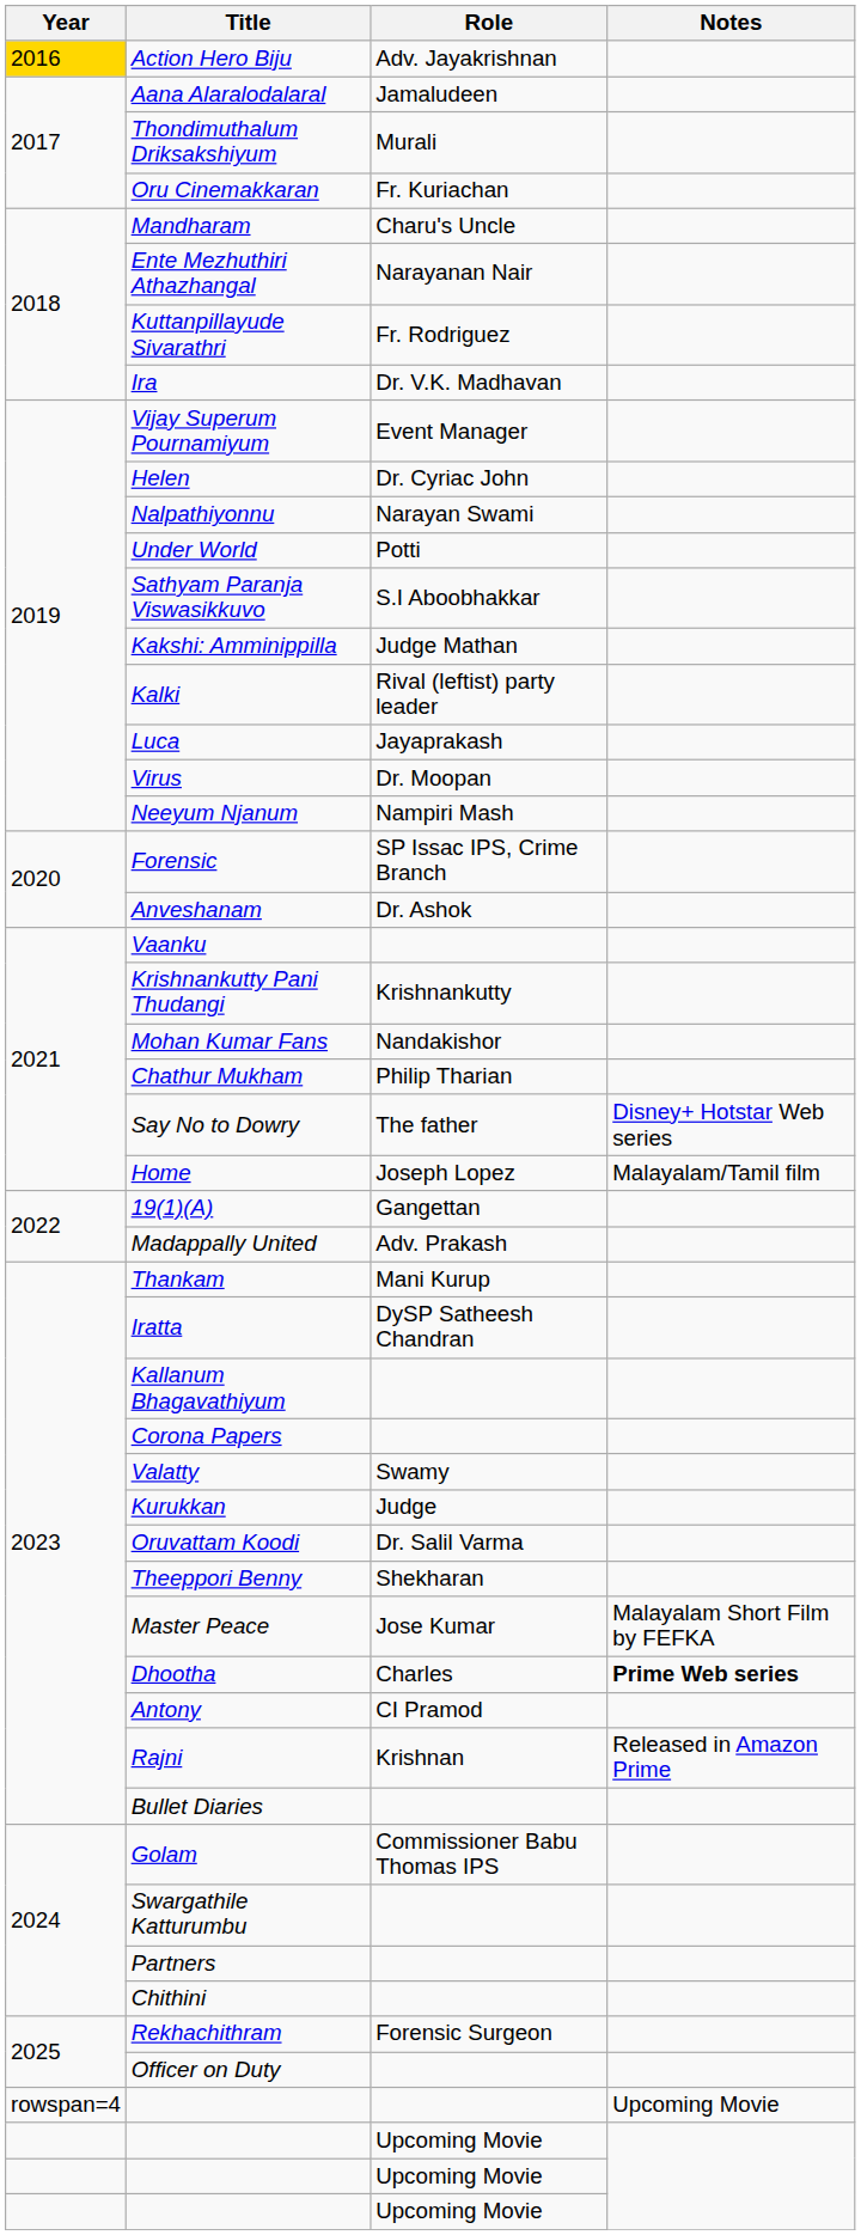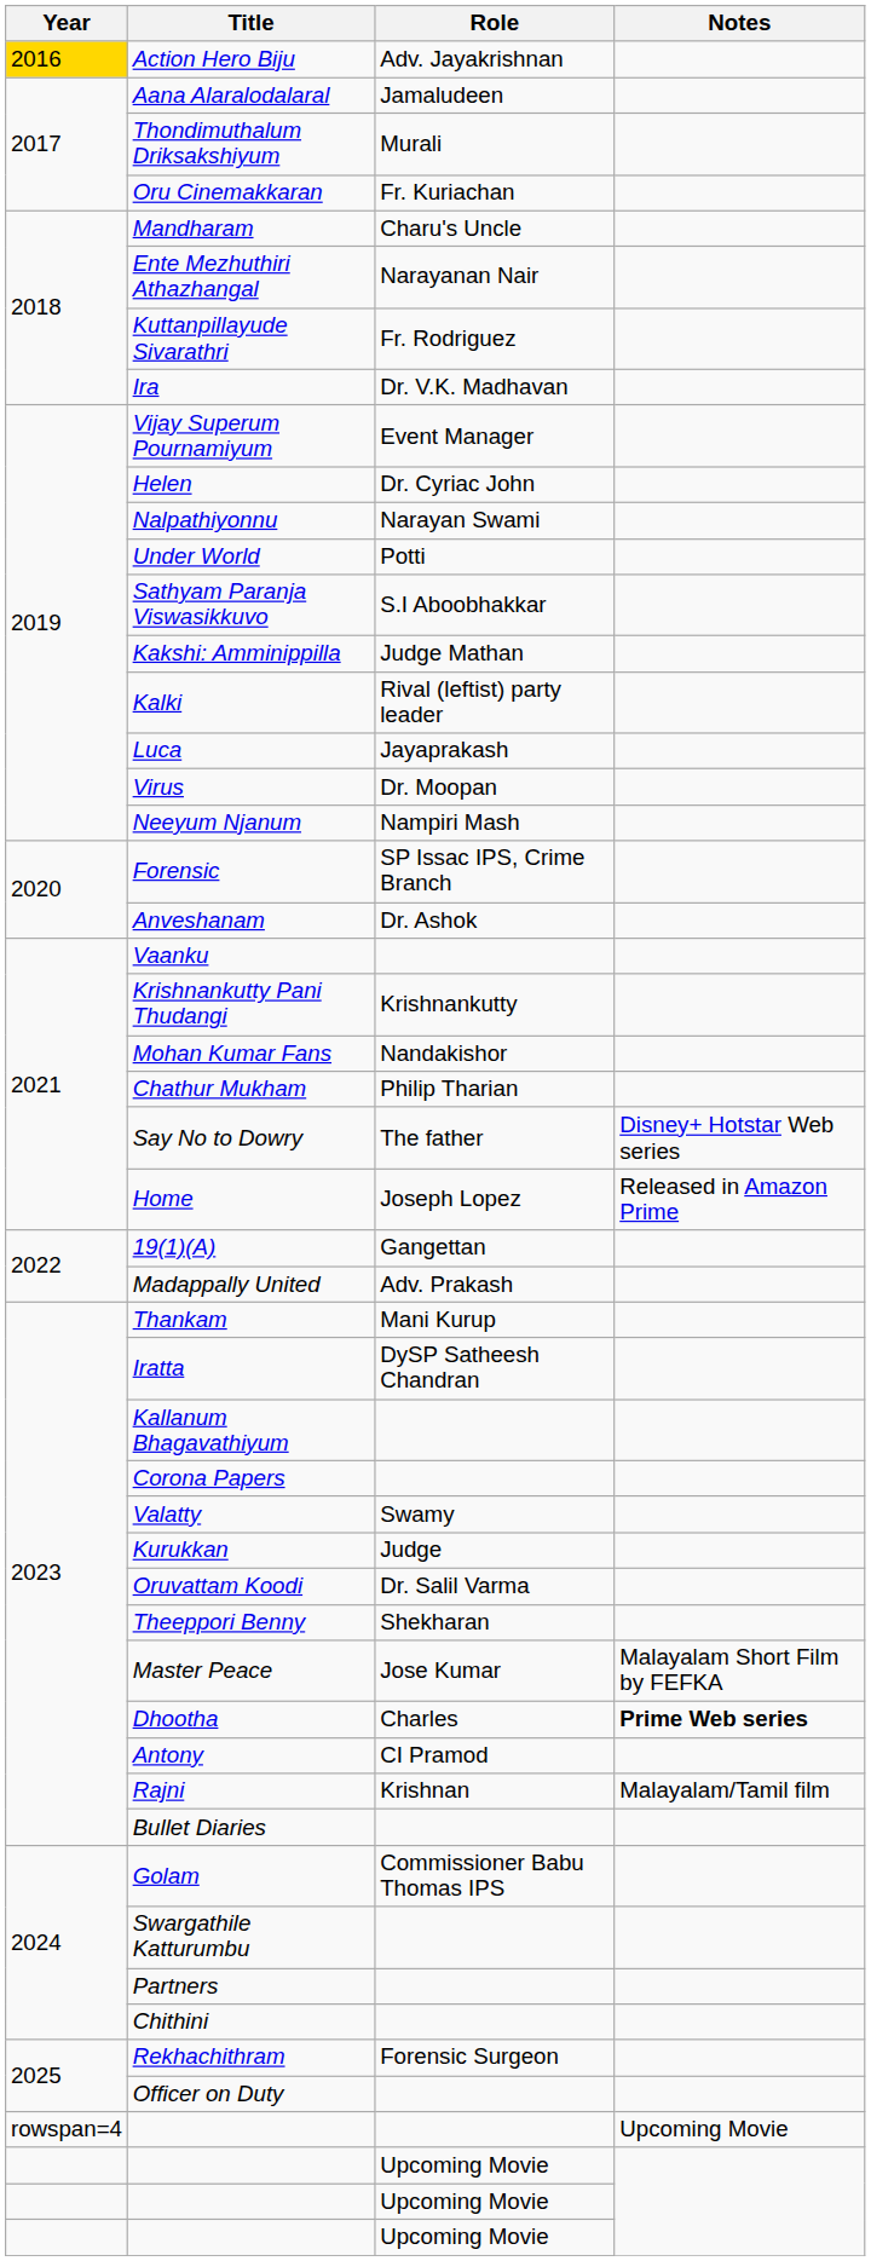 <table class="wikitable sortable">
 <tr>
 <th>Year</th>
 <th>Title</th>
 <th>Role</th>
 <th class="unsortable">Notes</th>
 </tr>
 <tr>
 <td style="background: gold;">2016</td>
 <td><em><a href='#'>Action Hero Biju</a></em></td>
 <td>Adv. Jayakrishnan</td>
 <td></td>
 </tr>
 <tr>
 <td rowspan=3>2017</td>
 <td><em><a href='#'>Aana Alaralodalaral</a></em></td>
 <td>Jamaludeen</td>
 <td></td>
 </tr>
 <tr>
 <td><em><a href='#'>Thondimuthalum Driksakshiyum</a></em></td>
 <td>Murali</td>
 <td></td>
 </tr>
 <tr>
 <td><em><a href='#'>Oru Cinemakkaran</a></em></td>
 <td>Fr. Kuriachan</td>
 <td></td>
 </tr>
 <tr>
 <td rowspan=4>2018</td>
 <td><em><a href='#'>Mandharam</a></em></td>
 <td>Charu's Uncle</td>
 <td></td>
 </tr>
 <tr>
 <td><em><a href='#'>Ente Mezhuthiri Athazhangal</a></em></td>
 <td>Narayanan Nair</td>
 <td></td>
 </tr>
 <tr>
 <td><em><a href='#'>Kuttanpillayude Sivarathri</a></em></td>
 <td>Fr. Rodriguez</td>
 <td></td>
 </tr>
 <tr>
 <td><em><a href='#'>Ira</a></em></td>
 <td>Dr. V.K. Madhavan</td>
 <td></td>
 </tr>
 <tr>
 <td rowspan=10>2019</td>
 <td><em><a href='#'>Vijay Superum Pournamiyum</a></em></td>
 <td>Event Manager</td>
 <td></td>
 </tr>
 <tr>
 <td><em><a href='#'>Helen</a></em></td>
 <td>Dr. Cyriac John</td>
 <td></td>
 </tr>
 <tr>
 <td><em><a href='#'>Nalpathiyonnu</a></em></td>
 <td>Narayan Swami</td>
 <td></td>
 </tr>
 <tr>
 <td><em><a href='#'>Under World</a></em></td>
 <td>Potti</td>
 <td></td>
 </tr>
 <tr>
 <td><em><a href='#'>Sathyam Paranja Viswasikkuvo</a></em></td>
 <td>S.I Aboobhakkar</td>
 <td></td>
 </tr>
 <tr>
 <td><em><a href='#'>Kakshi: Amminippilla</a></em></td>
 <td>Judge Mathan</td>
 <td></td>
 </tr>
 <tr>
 <td><em><a href='#'>Kalki</a></em></td>
 <td>Rival (leftist) party leader</td>
 <td></td>
 </tr>
 <tr>
 <td><em><a href='#'>Luca</a></em></td>
 <td>Jayaprakash</td>
 <td></td>
 </tr>
 <tr>
 <td><em><a href='#'>Virus</a></em></td>
 <td>Dr. Moopan</td>
 <td></td>
 </tr>
 <tr>
 <td><em><a href='#'>Neeyum Njanum</a></em></td>
 <td>Nampiri Mash</td>
 <td></td>
 </tr>
 <tr>
 <td rowspan=2>2020</td>
 <td><em><a href='#'>Forensic</a></em></td>
 <td>SP Issac IPS, Crime Branch</td>
 <td></td>
 </tr>
 <tr>
 <td><em><a href='#'>Anveshanam</a></em></td>
 <td>Dr. Ashok</td>
 <td></td>
 </tr>
 <tr>
 <td rowspan=6>2021</td>
 <td><em><a href='#'>Vaanku</a></em></td>
 <td></td>
 <td></td>
 </tr>
 <tr>
 <td><em><a href='#'>Krishnankutty Pani Thudangi</a></em></td>
 <td>Krishnankutty</td>
 <td></td>
 </tr>
 <tr>
 <td><em><a href='#'>Mohan Kumar Fans</a></em></td>
 <td>Nandakishor</td>
 <td></td>
 </tr>
 <tr>
 <td><em><a href='#'>Chathur Mukham</a></em></td>
 <td>Philip Tharian</td>
 <td></td>
 </tr>
 <tr>
 <td><em>Say No to Dowry</em></td>
 <td>The father</td>
 <td><a href='#'>Disney+ Hotstar</a> Web series</td>
 </tr>
 <tr>
 <td><em><a href='#'>Home</a></em></td>
 <td>Joseph Lopez</td>
-<td>Malayalam/Tamil film</td>
+<td>Released in <a href='#'>Amazon Prime</a></td>
 </tr>
 <tr>
 <td rowspan=2>2022</td>
 <td><em><a href='#'>19(1)(A)</a></em></td>
 <td>Gangettan</td>
 <td></td>
 </tr>
 <tr>
 <td><em>Madappally United</em></td>
 <td>Adv. Prakash</td>
 <td></td>
 </tr>
 <tr>
 <td rowspan="13">2023</td>
 <td><em><a href='#'>Thankam</a></em></td>
 <td>Mani Kurup</td>
 <td></td>
 </tr>
 <tr>
 <td><em><a href='#'>Iratta</a></em></td>
 <td>DySP Satheesh Chandran</td>
 <td></td>
 </tr>
 <tr>
 <td><em><a href='#'>Kallanum Bhagavathiyum</a></em></td>
 <td></td>
 <td></td>
 </tr>
 <tr>
 <td><em><a href='#'>Corona Papers</a></em></td>
 <td></td>
 <td></td>
 </tr>
 <tr>
 <td><em><a href='#'>Valatty</a></em></td>
 <td>Swamy</td>
 <td></td>
 </tr>
 <tr>
 <td><em><a href='#'>Kurukkan</a></em></td>
 <td>Judge</td>
 <td></td>
 </tr>
 <tr>
 <td><em><a href='#'>Oruvattam Koodi</a></em></td>
 <td>Dr. Salil Varma</td>
 <td></td>
 </tr>
 <tr>
 <td><em><a href='#'>Theeppori Benny</a></em></td>
 <td>Shekharan</td>
 <td></td>
 </tr>
 <tr>
 <td><em>Master Peace</em></td>
 <td>Jose Kumar</td>
 <td>Malayalam Short Film by FEFKA</td>
 </tr>
 <tr>
 <td><em><a href='#'>Dhootha</a></em></td>
 <td>Charles</td>
 <td><strong>Prime Web series</strong></td>
 </tr>
 <tr>
 <td><em><a href='#'>Antony</a></em></td>
 <td>CI Pramod</td>
 <td></td>
 </tr>
 <tr>
 <td><em><a href='#'>Rajni</a></em></td>
 <td>Krishnan</td>
-<td>Released in <a href='#'>Amazon Prime</a></td>
+<td>Malayalam/Tamil film</td>
 </tr>
 <tr>
 <td><em>Bullet Diaries</em></td>
 <td></td>
 <td></td>
 </tr>
 <tr>
 <td rowspan=4>2024</td>
 <td><em><a href='#'>Golam</a></em></td>
 <td>Commissioner Babu Thomas IPS</td>
 <td></td>
 </tr>
 <tr>
 <td><em>Swargathile Katturumbu</em></td>
 <td></td>
 <td></td>
 </tr>
 <tr>
 <td><em>Partners</em></td>
 <td></td>
 <td></td>
 </tr>
 <tr>
 <td><em>Chithini</em></td>
 <td></td>
 <td></td>
 </tr>
 <tr>
 <td rowspan=2>2025</td>
 <td><em><a href='#'>Rekhachithram</a></em></td>
 <td>Forensic Surgeon</td>
 <td></td>
 </tr>
 <tr>
 <td><em>Officer on Duty</em></td>
 <td></td>
 <td></td>
 </tr>
 <tr>
 <td>rowspan=4 </td>
 <td></td>
 <td></td>
 <td>Upcoming Movie</td>
 </tr>
 <tr>
 <td></td>
 <td></td>
 <td>Upcoming Movie</td>
 </tr>
 <tr>
 <td></td>
 <td></td>
 <td>Upcoming Movie</td>
 </tr>
 <tr>
 <td></td>
 <td></td>
 <td>Upcoming Movie</td>
 </tr>
 <tr>
 </tr>
 </table>
